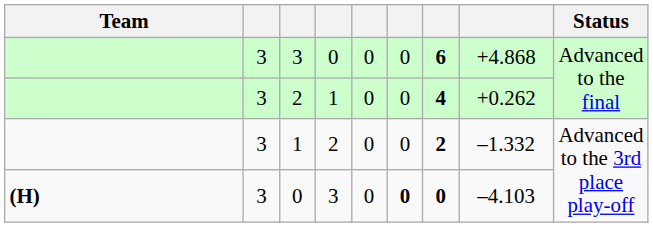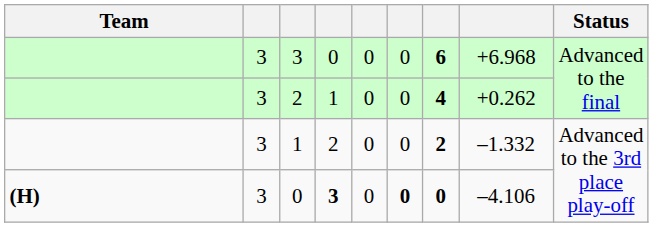 <table class="wikitable" style="text-align:center">
 <tr>
 <th style="width:175px;">Team</th>
 <th style="width:20px;"></th>
 <th style="width:20px;"></th>
 <th style="width:20px;"></th>
 <th style="width:20px;"></th>
 <th style="width:20px;"></th>
 <th style="width:20px;"></th>
 <th style="width:65px;"></th>
 <th style="width:65px;">Status</th>
 </tr>
 <tr style="background:#cfc;">
 <td style="text-align:left"></td>
 <td>3</td>
 <td>3</td>
 <td>0</td>
 <td>0</td>
 <td>0</td>
 <td><strong>6</strong></td>
-<td>+4.868</td>
+<td>+6.968</td>
 <td rowspan="2">Advanced to the <a href='#'>final</a></td>
 </tr>
 <tr style="background:#cfc;">
 <td style="text-align:left"></td>
 <td>3</td>
 <td>2</td>
 <td>1</td>
 <td>0</td>
 <td>0</td>
 <td><strong>4</strong></td>
 <td>+0.262</td>
 </tr>
 <tr>
 <td style="text-align:left"></td>
 <td>3</td>
 <td>1</td>
 <td>2</td>
 <td>0</td>
 <td>0</td>
 <td><strong>2</strong></td>
 <td>–1.332</td>
 <td rowspan="2">Advanced to the <a href='#'>3rd place play-off</a></td>
 </tr>
 <tr>
 <td style="text-align:left"> <strong>(H)</strong></td>
 <td>3</td>
 <td>0</td>
-<td>3</td>
+<td><strong>3</strong></td>
 <td>0</td>
 <td><strong>0</strong></td>
 <td><strong>0</strong></td>
-<td>–4.103</td>
+<td>–4.106</td>
 </tr>
 </table>
